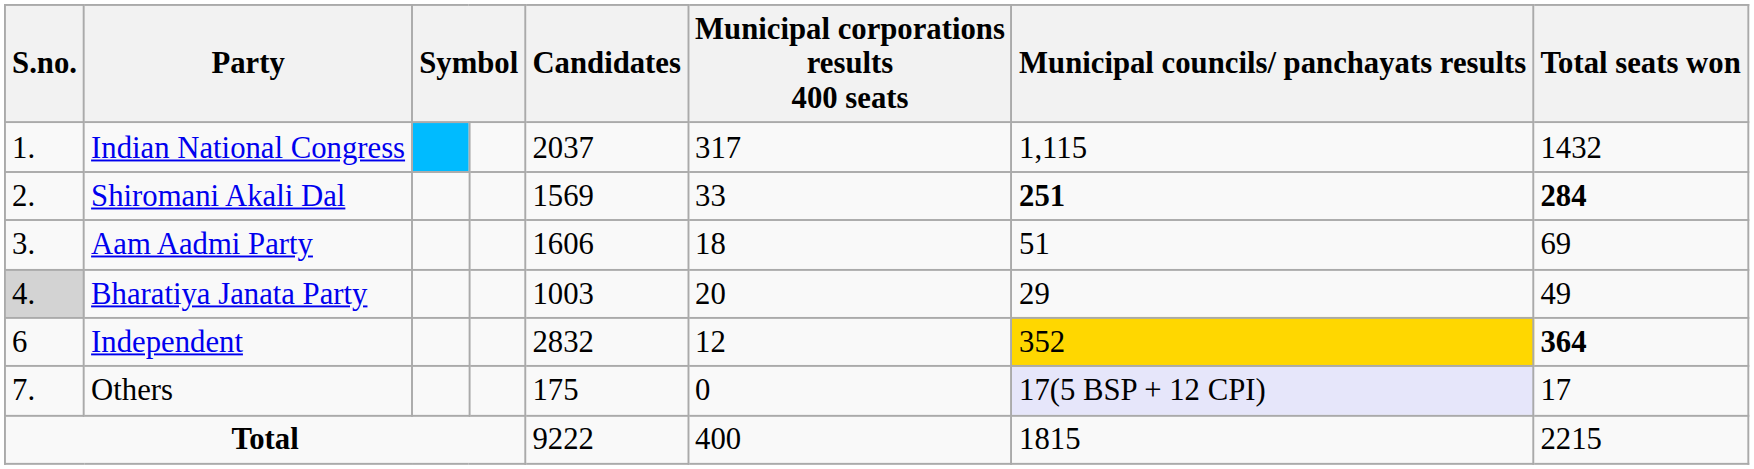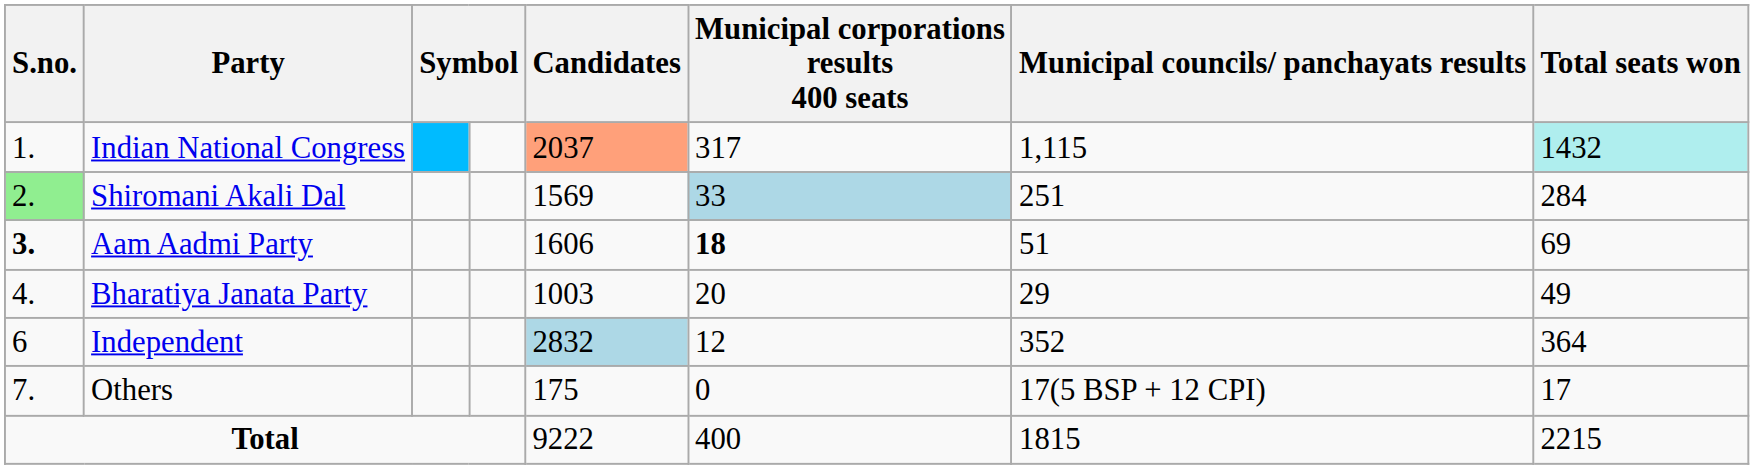 <table class="wikitable sortable">
 <tr>
 <th>S.no.</th>
 <th>Party</th>
 <th colspan="2">Symbol</th>
 <th>Candidates</th>
 <th>Municipal corporations<br>results<br>400 seats</th>
 <th>Municipal councils/ panchayats results</th>
 <th>Total seats won</th>
 </tr>
 <tr>
 <td>1.</td>
 <td><a href='#'>Indian National Congress</a></td>
 <td bgcolor=#00BBFF></td>
 <td></td>
-<td>2037</td>
+<td style="background: lightsalmon;">2037</td>
 <td>317</td>
 <td>1,115</td>
-<td>1432</td>
+<td style="background: paleturquoise;">1432</td>
 </tr>
 <tr>
-<td>2.</td>
+<td style="background: lightgreen;">2.</td>
 <td><a href='#'>Shiromani Akali Dal</a></td>
 <td></td>
 <td></td>
 <td>1569</td>
-<td>33</td>
-<td><strong>251</strong></td>
-<td><strong>284</strong></td>
+<td style="background: lightblue;">33</td>
+<td>251</td>
+<td>284</td>
 </tr>
 <tr>
-<td>3.</td>
+<td><strong>3.</strong></td>
 <td><a href='#'>Aam Aadmi Party</a></td>
 <td></td>
 <td></td>
 <td>1606</td>
-<td>18</td>
+<td><strong>18</strong></td>
 <td>51</td>
 <td>69</td>
 </tr>
 <tr>
-<td style="background: lightgrey;">4.</td>
+<td>4.</td>
 <td><a href='#'>Bharatiya Janata Party</a></td>
 <td></td>
 <td></td>
 <td>1003</td>
 <td>20</td>
 <td>29</td>
 <td>49</td>
 </tr>
 <tr>
 <td>6</td>
 <td><a href='#'>Independent</a></td>
 <td></td>
 <td></td>
-<td>2832</td>
+<td style="background: lightblue;">2832</td>
 <td>12</td>
-<td style="background: gold;">352</td>
-<td><strong>364</strong></td>
+<td>352</td>
+<td>364</td>
 </tr>
 <tr>
 <td>7.</td>
 <td>Others</td>
 <td></td>
 <td></td>
 <td>175</td>
 <td>0</td>
-<td style="background: lavender;">17(5 BSP + 12 CPI)</td>
+<td>17(5 BSP + 12 CPI)</td>
 <td>17</td>
 </tr>
 <tr>
 <td colspan="4" align="center"><strong>Total</strong></td>
 <td>9222</td>
 <td>400</td>
 <td>1815</td>
 <td>2215</td>
 </tr>
 </table>
